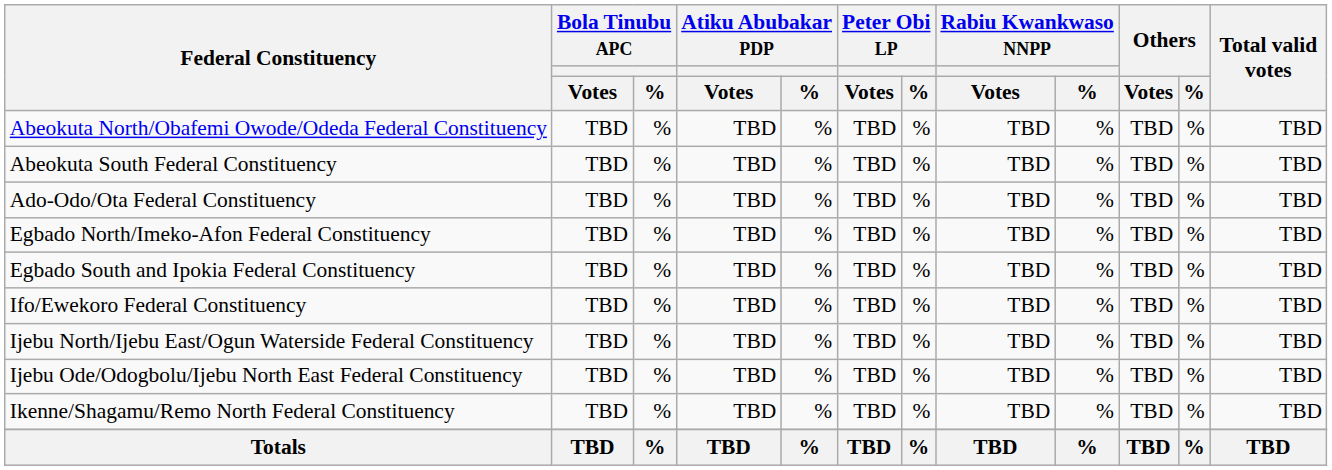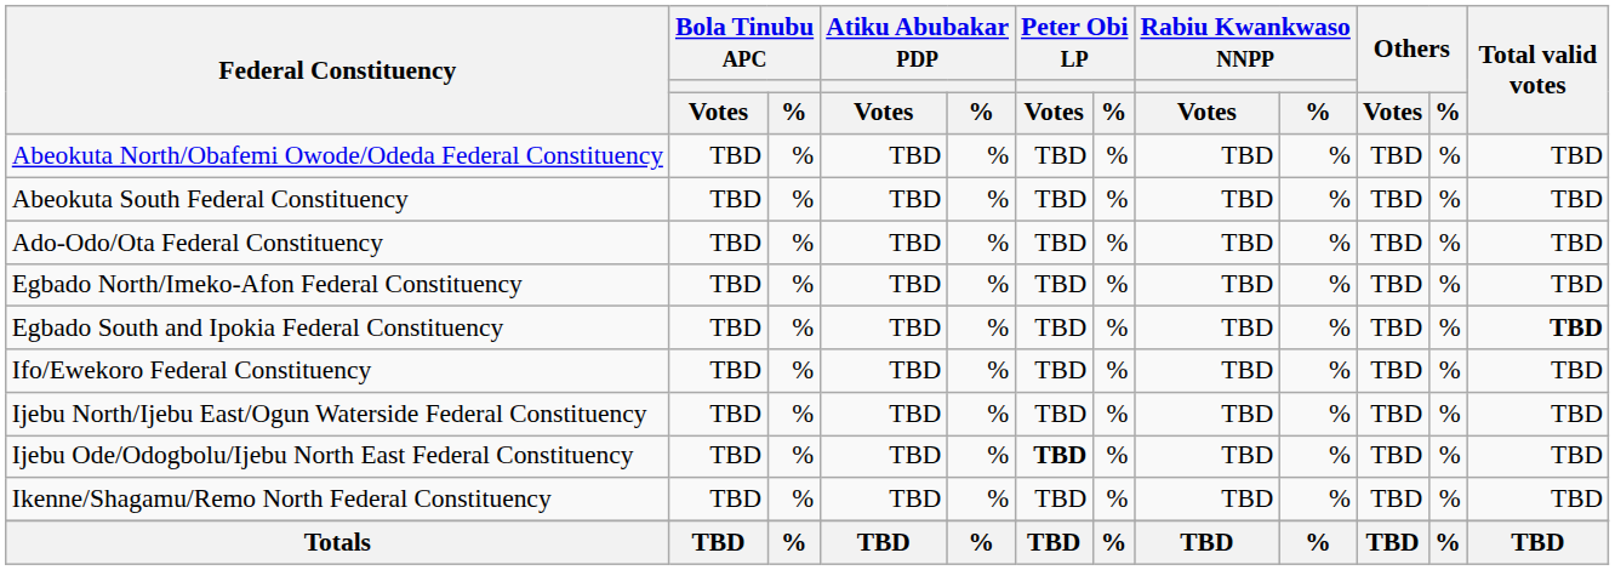 <table class="wikitable sortable" style="text-align:right; font-size:90%">
 <tr>
 <th rowspan="3" style="max-width:7.5em;">Federal Constituency</th>
 <th colspan="2"><a href='#'>Bola Tinubu</a><br><small>APC</small></th>
 <th colspan="2"><a href='#'>Atiku Abubakar</a><br><small>PDP</small></th>
 <th colspan="2"><a href='#'>Peter Obi</a><br><small>LP</small></th>
 <th colspan="2"><a href='#'>Rabiu Kwankwaso</a><br><small>NNPP</small></th>
 <th colspan="2" rowspan="2">Others</th>
 <th rowspan="3" style="max-width:5em;">Total valid votes</th>
 </tr>
 <tr>
 <th colspan=2 style="background-color:"></th>
 <th colspan=2 style="background-color:"></th>
 <th colspan=2 style="background-color:"></th>
 <th colspan=2 style="background-color:"></th>
 </tr>
 <tr>
 <th>Votes</th>
 <th>%</th>
 <th>Votes</th>
 <th>%</th>
 <th>Votes</th>
 <th>%</th>
 <th>Votes</th>
 <th>%</th>
 <th>Votes</th>
 <th>%</th>
 </tr>
 <tr style="background-color:#">
 <td style="text-align:left;"><a href='#'>Abeokuta North/Obafemi Owode/Odeda Federal Constituency</a></td>
 <td>TBD</td>
 <td>%</td>
 <td>TBD</td>
 <td>%</td>
 <td>TBD</td>
 <td>%</td>
 <td>TBD</td>
 <td>%</td>
 <td>TBD</td>
 <td>%</td>
 <td>TBD</td>
 </tr>
 <tr style="background-color:#">
 <td style="text-align:left;">Abeokuta South Federal Constituency</td>
 <td>TBD</td>
 <td>%</td>
 <td>TBD</td>
 <td>%</td>
 <td>TBD</td>
 <td>%</td>
 <td>TBD</td>
 <td>%</td>
 <td>TBD</td>
 <td>%</td>
 <td>TBD</td>
 </tr>
 <tr style="background-color:#">
 <td style="text-align:left;">Ado-Odo/Ota Federal Constituency</td>
 <td>TBD</td>
 <td>%</td>
 <td>TBD</td>
 <td>%</td>
 <td>TBD</td>
 <td>%</td>
 <td>TBD</td>
 <td>%</td>
 <td>TBD</td>
 <td>%</td>
 <td>TBD</td>
 </tr>
 <tr style="background-color:#">
 <td style="text-align:left;">Egbado North/Imeko-Afon Federal Constituency</td>
 <td>TBD</td>
 <td>%</td>
 <td>TBD</td>
 <td>%</td>
 <td>TBD</td>
 <td>%</td>
 <td>TBD</td>
 <td>%</td>
 <td>TBD</td>
 <td>%</td>
 <td>TBD</td>
 </tr>
 <tr style="background-color:#">
 <td style="text-align:left;">Egbado South and Ipokia Federal Constituency</td>
 <td>TBD</td>
 <td>%</td>
 <td>TBD</td>
 <td>%</td>
 <td>TBD</td>
 <td>%</td>
 <td>TBD</td>
 <td>%</td>
 <td>TBD</td>
 <td>%</td>
-<td>TBD</td>
+<td><strong>TBD</strong></td>
 </tr>
 <tr style="background-color:#">
 <td style="text-align:left;">Ifo/Ewekoro Federal Constituency</td>
 <td>TBD</td>
 <td>%</td>
 <td>TBD</td>
 <td>%</td>
 <td>TBD</td>
 <td>%</td>
 <td>TBD</td>
 <td>%</td>
 <td>TBD</td>
 <td>%</td>
 <td>TBD</td>
 </tr>
 <tr style="background-color:#">
 <td style="text-align:left;">Ijebu North/Ijebu East/Ogun Waterside Federal Constituency</td>
 <td>TBD</td>
 <td>%</td>
 <td>TBD</td>
 <td>%</td>
 <td>TBD</td>
 <td>%</td>
 <td>TBD</td>
 <td>%</td>
 <td>TBD</td>
 <td>%</td>
 <td>TBD</td>
 </tr>
 <tr style="background-color:#">
 <td style="text-align:left;">Ijebu Ode/Odogbolu/Ijebu North East Federal Constituency</td>
 <td>TBD</td>
 <td>%</td>
 <td>TBD</td>
 <td>%</td>
-<td>TBD</td>
+<td><strong>TBD</strong></td>
 <td>%</td>
 <td>TBD</td>
 <td>%</td>
 <td>TBD</td>
 <td>%</td>
 <td>TBD</td>
 </tr>
 <tr style="background-color:#">
 <td style="text-align:left;">Ikenne/Shagamu/Remo North Federal Constituency</td>
 <td>TBD</td>
 <td>%</td>
 <td>TBD</td>
 <td>%</td>
 <td>TBD</td>
 <td>%</td>
 <td>TBD</td>
 <td>%</td>
 <td>TBD</td>
 <td>%</td>
 <td>TBD</td>
 </tr>
 <tr>
 </tr>
 <tr>
 <th>Totals</th>
 <th>TBD</th>
 <th>%</th>
 <th>TBD</th>
 <th>%</th>
 <th>TBD</th>
 <th>%</th>
 <th>TBD</th>
 <th>%</th>
 <th>TBD</th>
 <th>%</th>
 <th>TBD</th>
 </tr>
 </table>
